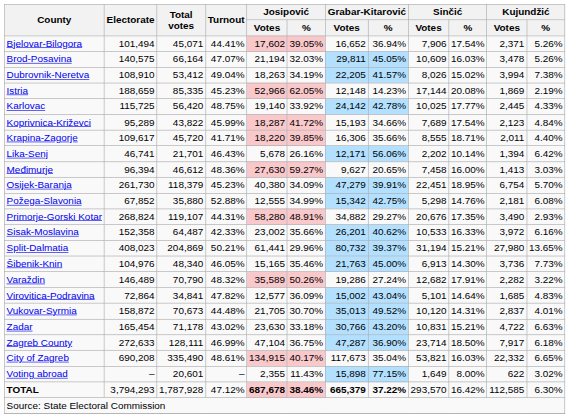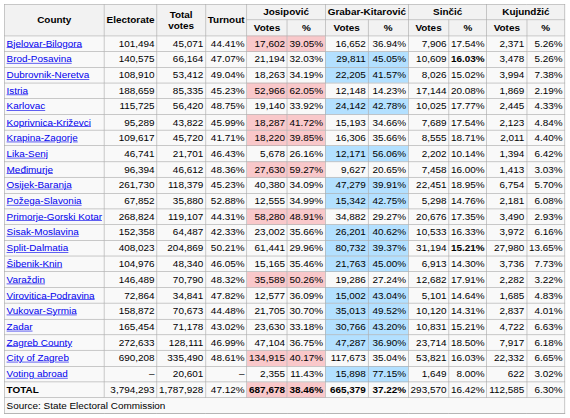 <table class="wikitable sortable" style=text-align:right>
 <tr>
 <th rowspan=2>County</th>
 <th rowspan=2>Electorate</th>
 <th rowspan=2>Total<br>votes</th>
 <th rowspan=2>Turnout</th>
 <th colspan=2>Josipović</th>
 <th colspan=2>Grabar-Kitarović</th>
 <th colspan=2>Sinčić</th>
 <th colspan=2>Kujundžić</th>
 </tr>
 <tr>
 <th>Votes</th>
 <th>%</th>
 <th>Votes</th>
 <th>%</th>
 <th>Votes</th>
 <th>%</th>
 <th>Votes</th>
 <th>%</th>
 </tr>
 <tr>
 <td align=left><a href='#'>Bjelovar-Bilogora</a></td>
 <td>101,494</td>
 <td>45,071</td>
 <td>44.41%</td>
 <td style="background:#F9C8CA;">17,602</td>
 <td style="background:#F9C8CA;">39.05%</td>
 <td>16,652</td>
 <td>36.94%</td>
 <td>7,906</td>
 <td>17.54%</td>
 <td>2,371</td>
 <td>5.26%</td>
 </tr>
 <tr>
 <td align=left><a href='#'>Brod-Posavina</a></td>
 <td>140,575</td>
 <td>66,164</td>
 <td>47.07%</td>
 <td>21,194</td>
 <td>32.03%</td>
 <td style="background:#B3E0FF">29,811</td>
 <td style="background:#B3E0FF">45.05%</td>
 <td>10,609</td>
-<td>16.03%</td>
+<td><strong>16.03%</strong></td>
 <td>3,478</td>
 <td>5.26%</td>
 </tr>
 <tr>
 <td align=left><a href='#'>Dubrovnik-Neretva</a></td>
 <td>108,910</td>
 <td>53,412</td>
 <td>49.04%</td>
 <td>18,263</td>
 <td>34.19%</td>
 <td style="background:#B3E0FF">22,205</td>
 <td style="background:#B3E0FF">41.57%</td>
 <td>8,026</td>
 <td>15.02%</td>
 <td>3,994</td>
 <td>7.38%</td>
 </tr>
 <tr>
 <td align=left><a href='#'>Istria</a></td>
 <td>188,659</td>
 <td>85,335</td>
 <td>45.23%</td>
 <td style="background:#F9C8CA;">52,966</td>
 <td style="background:#F9C8CA;">62.05%</td>
 <td>12,148</td>
 <td>14.23%</td>
 <td>17,144</td>
 <td>20.08%</td>
 <td>1,869</td>
 <td>2.19%</td>
 </tr>
 <tr>
 <td align=left><a href='#'>Karlovac</a></td>
 <td>115,725</td>
 <td>56,420</td>
 <td>48.75%</td>
 <td>19,140</td>
 <td>33.92%</td>
 <td style="background:#B3E0FF">24,142</td>
 <td style="background:#B3E0FF">42.78%</td>
 <td>10,025</td>
 <td>17.77%</td>
 <td>2,445</td>
 <td>4.33%</td>
 </tr>
 <tr>
 <td align=left><a href='#'>Koprivnica-Križevci</a></td>
 <td>95,289</td>
 <td>43,822</td>
 <td>45.99%</td>
 <td style="background:#F9C8CA;">18,287</td>
 <td style="background:#F9C8CA;">41.72%</td>
 <td>15,193</td>
 <td>34.66%</td>
 <td>7,689</td>
 <td>17.54%</td>
 <td>2,123</td>
 <td>4.84%</td>
 </tr>
 <tr>
 <td align=left><a href='#'>Krapina-Zagorje</a></td>
 <td>109,617</td>
 <td>45,720</td>
 <td>41.71%</td>
 <td style="background:#F9C8CA;">18,220</td>
 <td style="background:#F9C8CA;">39.85%</td>
 <td>16,306</td>
 <td>35.66%</td>
 <td>8,555</td>
 <td>18.71%</td>
 <td>2,011</td>
 <td>4.40%</td>
 </tr>
 <tr>
 <td align=left><a href='#'>Lika-Senj</a></td>
 <td>46,741</td>
 <td>21,701</td>
 <td>46.43%</td>
 <td>5,678</td>
 <td>26.16%</td>
 <td style="background:#B3E0FF">12,171</td>
 <td style="background:#B3E0FF">56.06%</td>
 <td>2,202</td>
 <td>10.14%</td>
 <td>1,394</td>
 <td>6.42%</td>
 </tr>
 <tr>
 <td align=left><a href='#'>Međimurje</a></td>
 <td>96,394</td>
 <td>46,612</td>
 <td>48.36%</td>
 <td style="background:#F9C8CA;">27,630</td>
 <td style="background:#F9C8CA;">59.27%</td>
 <td>9,627</td>
 <td>20.65%</td>
 <td>7,458</td>
 <td>16.00%</td>
 <td>1,413</td>
 <td>3.03%</td>
 </tr>
 <tr>
 <td align=left><a href='#'>Osijek-Baranja</a></td>
 <td>261,730</td>
 <td>118,379</td>
 <td>45.23%</td>
 <td>40,380</td>
 <td>34.09%</td>
 <td style="background:#B3E0FF">47,279</td>
 <td style="background:#B3E0FF">39.91%</td>
 <td>22,451</td>
 <td>18.95%</td>
 <td>6,754</td>
 <td>5.70%</td>
 </tr>
 <tr>
 <td align=left><a href='#'>Požega-Slavonia</a></td>
 <td>67,852</td>
 <td>35,880</td>
 <td>52.88%</td>
 <td>12,555</td>
 <td>34.99%</td>
 <td style="background:#B3E0FF">15,342</td>
 <td style="background:#B3E0FF">42.75%</td>
 <td>5,298</td>
 <td>14.76%</td>
 <td>2,181</td>
 <td>6.08%</td>
 </tr>
 <tr>
 <td align=left><a href='#'>Primorje-Gorski Kotar</a></td>
 <td>268,824</td>
 <td>119,107</td>
 <td>44.31%</td>
 <td style="background:#F9C8CA;">58,280</td>
 <td style="background:#F9C8CA;">48.91%</td>
 <td>34,882</td>
 <td>29.27%</td>
 <td>20,676</td>
 <td>17.35%</td>
 <td>3,490</td>
 <td>2.93%</td>
 </tr>
 <tr>
 <td align=left><a href='#'>Sisak-Moslavina</a></td>
 <td>152,358</td>
 <td>64,487</td>
 <td>42.33%</td>
 <td>23,002</td>
 <td>35.66%</td>
 <td style="background:#B3E0FF">26,201</td>
 <td style="background:#B3E0FF">40.62%</td>
 <td>10,533</td>
 <td>16.33%</td>
 <td>3,972</td>
 <td>6.16%</td>
 </tr>
 <tr>
 <td align=left><a href='#'>Split-Dalmatia</a></td>
 <td>408,023</td>
 <td>204,869</td>
 <td>50.21%</td>
 <td>61,441</td>
 <td>29.96%</td>
 <td style="background:#B3E0FF">80,732</td>
 <td style="background:#B3E0FF">39.37%</td>
 <td>31,194</td>
-<td>15.21%</td>
+<td><strong>15.21%</strong></td>
 <td>27,980</td>
 <td>13.65%</td>
 </tr>
 <tr>
 <td align=left><a href='#'>Šibenik-Knin</a></td>
 <td>104,976</td>
 <td>48,340</td>
 <td>46.05%</td>
 <td>15,165</td>
 <td>35.46%</td>
 <td style="background:#B3E0FF">21,763</td>
 <td style="background:#B3E0FF">45.00%</td>
 <td>6,913</td>
 <td>14.30%</td>
 <td>3,736</td>
 <td>7.73%</td>
 </tr>
 <tr>
 <td align=left><a href='#'>Varaždin</a></td>
 <td>146,489</td>
 <td>70,790</td>
 <td>48.32%</td>
 <td style="background:#F9C8CA;">35,589</td>
 <td style="background:#F9C8CA;">50.26%</td>
 <td>19,286</td>
 <td>27.24%</td>
 <td>12,682</td>
 <td>17.91%</td>
 <td>2,282</td>
 <td>3.22%</td>
 </tr>
 <tr>
 <td align=left><a href='#'>Virovitica-Podravina</a></td>
 <td>72,864</td>
 <td>34,841</td>
 <td>47.82%</td>
 <td>12,577</td>
 <td>36.09%</td>
 <td style="background:#B3E0FF">15,002</td>
 <td style="background:#B3E0FF">43.04%</td>
 <td>5,101</td>
 <td>14.64%</td>
 <td>1,685</td>
 <td>4.83%</td>
 </tr>
 <tr>
 <td align=left><a href='#'>Vukovar-Syrmia</a></td>
 <td>158,872</td>
 <td>70,673</td>
 <td>44.48%</td>
 <td>21,705</td>
 <td>30.70%</td>
 <td style="background:#B3E0FF">35,013</td>
 <td style="background:#B3E0FF">49.52%</td>
 <td>10,120</td>
 <td>14.31%</td>
 <td>2,837</td>
 <td>4.01%</td>
 </tr>
 <tr>
 <td align=left><a href='#'>Zadar</a></td>
 <td>165,454</td>
 <td>71,178</td>
 <td>43.02%</td>
 <td>23,630</td>
 <td>33.18%</td>
 <td style="background:#B3E0FF">30,766</td>
 <td style="background:#B3E0FF">43.20%</td>
 <td>10,831</td>
 <td>15.21%</td>
 <td>4,722</td>
 <td>6.63%</td>
 </tr>
 <tr>
 <td align=left><a href='#'>Zagreb County</a></td>
 <td>272,633</td>
 <td>128,111</td>
 <td>46.99%</td>
 <td>47,104</td>
 <td>36.75%</td>
 <td style="background:#B3E0FF">47,287</td>
 <td style="background:#B3E0FF">36.90%</td>
 <td>23,714</td>
 <td>18.50%</td>
 <td>7,917</td>
 <td>6.18%</td>
 </tr>
 <tr>
 <td align=left><a href='#'>City of Zagreb</a></td>
 <td>690,208</td>
 <td>335,490</td>
 <td>48.61%</td>
 <td style="background:#F9C8CA;">134,915</td>
 <td style="background:#F9C8CA;">40.17%</td>
 <td>117,673</td>
 <td>35.04%</td>
 <td>53,821</td>
 <td>16.03%</td>
 <td>22,332</td>
 <td>6.65%</td>
 </tr>
 <tr>
 <td align=left><a href='#'>Voting abroad</a></td>
 <td>–</td>
 <td>20,601</td>
 <td>–</td>
 <td>2,355</td>
 <td>11.43%</td>
 <td style="background:#B3E0FF">15,898</td>
 <td style="background:#B3E0FF">77.15%</td>
 <td>1,649</td>
 <td>8.00%</td>
 <td>622</td>
 <td>3.02%</td>
 </tr>
 <tr class="sortbottom">
 <td align=left><strong>TOTAL</strong></td>
 <td>3,794,293</td>
 <td>1,787,928</td>
 <td>47.12%</td>
 <td style="background:#F9C8CA;"><strong>687,678</strong></td>
 <td style="background:#F9C8CA;"><strong>38.46%</strong></td>
 <td><strong>665,379</strong></td>
 <td><strong>37.22%</strong></td>
 <td>293,570</td>
 <td>16.42%</td>
 <td>112,585</td>
 <td>6.30%</td>
 </tr>
 <tr class="sortbottom">
 <td colspan=12 align=left>Source: State Electoral Commission</td>
 </tr>
 <tr>
 </tr>
 </table>
